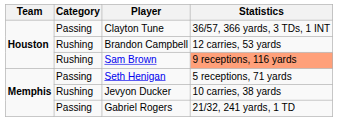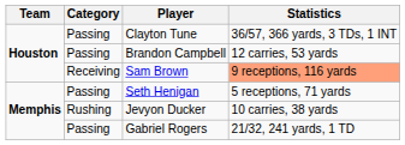 <table class="wikitable" style="float: right;">
 <tr>
 <th>Team</th>
 <th>Category</th>
 <th>Player</th>
 <th>Statistics</th>
 </tr>
 <tr>
 <td rowspan=3><strong>Houston</strong></td>
 <td>Passing</td>
 <td>Clayton Tune</td>
 <td>36/57, 366 yards, 3 TDs, 1 INT</td>
 </tr>
 <tr>
-<td>Rushing</td>
+<td>Passing</td>
 <td>Brandon Campbell</td>
 <td>12 carries, 53 yards</td>
 </tr>
 <tr>
-<td>Rushing</td>
+<td>Receiving</td>
 <td><a href='#'>Sam Brown</a></td>
 <td style="background: lightsalmon;">9 receptions, 116 yards</td>
 </tr>
 <tr>
 <td rowspan=3><strong>Memphis</strong></td>
 <td>Passing</td>
 <td><a href='#'>Seth Henigan</a></td>
 <td>5 receptions, 71 yards</td>
 </tr>
 <tr>
 <td>Rushing</td>
 <td>Jevyon Ducker</td>
 <td>10 carries, 38 yards</td>
 </tr>
 <tr>
 <td>Passing</td>
 <td>Gabriel Rogers</td>
 <td>21/32, 241 yards, 1 TD</td>
 </tr>
 </table>
